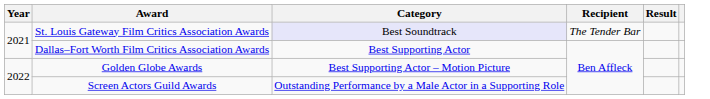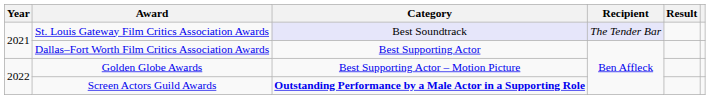 <table class="wikitable sortable plainrowheaders" style="text-align:center;">
 <tr>
 <th>Year</th>
 <th>Award</th>
 <th>Category</th>
 <th>Recipient</th>
 <th>Result</th>
 <th></th>
 </tr>
 <tr>
 <td rowspan="2">2021</td>
 <td><a href='#'>St. Louis Gateway Film Critics Association Awards</a></td>
 <td style="background: lavender;">Best Soundtrack</td>
-<td><em>The Tender Bar</em></td>
+<td style="background: lavender;"><em>The Tender Bar</em></td>
 <td></td>
 <td></td>
 </tr>
 <tr>
 <td><a href='#'>Dallas–Fort Worth Film Critics Association Awards</a></td>
 <td><a href='#'>Best Supporting Actor</a></td>
 <td rowspan="3"><a href='#'>Ben Affleck</a></td>
 <td></td>
 <td></td>
 </tr>
 <tr>
 <td rowspan="2">2022</td>
 <td><a href='#'>Golden Globe Awards</a></td>
 <td><a href='#'>Best Supporting Actor – Motion Picture</a></td>
 <td></td>
 <td></td>
 </tr>
 <tr>
 <td><a href='#'>Screen Actors Guild Awards</a></td>
-<td><a href='#'>Outstanding Performance by a Male Actor in a Supporting Role</a></td>
+<td><strong><a href='#'>Outstanding Performance by a Male Actor in a Supporting Role</a></strong></td>
 <td></td>
 <td></td>
 </tr>
 </table>
